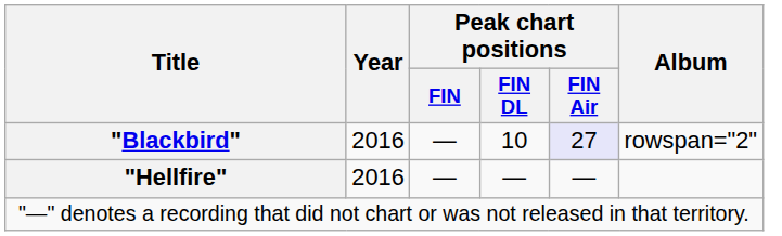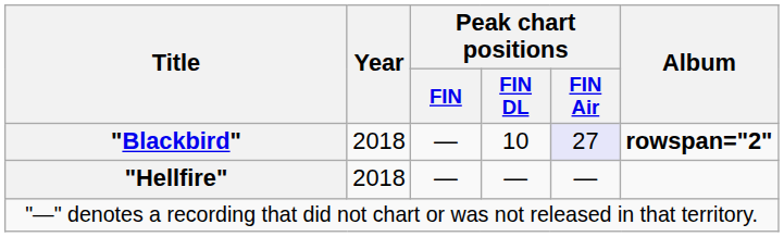 <table class="wikitable plainrowheaders" style="text-align:center;">
 <tr>
 <th scope="col" rowspan="2" style="width:14em;">Title</th>
 <th scope="col" rowspan="2" style="width:1em;">Year</th>
 <th scope="col" colspan="3">Peak chart positions</th>
 <th scope="col" rowspan="2">Album</th>
 </tr>
 <tr>
 <th scope="col" style="width:3em;font-size:85%;"><a href='#'>FIN</a></th>
 <th scope="col" style="width:3em;font-size:85%;"><a href='#'>FIN DL</a><br></th>
 <th scope="col" style="width:3em;font-size:85%;"><a href='#'>FIN Air</a><br></th>
 </tr>
 <tr>
 <th scope="row">"<a href='#'>Blackbird</a>"</th>
-<td>2016</td>
+<td>2018</td>
 <td>—</td>
 <td>10</td>
 <td style="background: lavender;">27</td>
-<td>rowspan="2" </td>
+<td><strong>rowspan="2" </strong></td>
 </tr>
 <tr>
 <th scope="row">"Hellfire"</th>
-<td>2016</td>
+<td>2018</td>
 <td>—</td>
 <td>—</td>
 <td>—</td>
 </tr>
 <tr>
 <td colspan="6" style="font-size:90%">"—" denotes a recording that did not chart or was not released in that territory.</td>
 </tr>
 </table>
